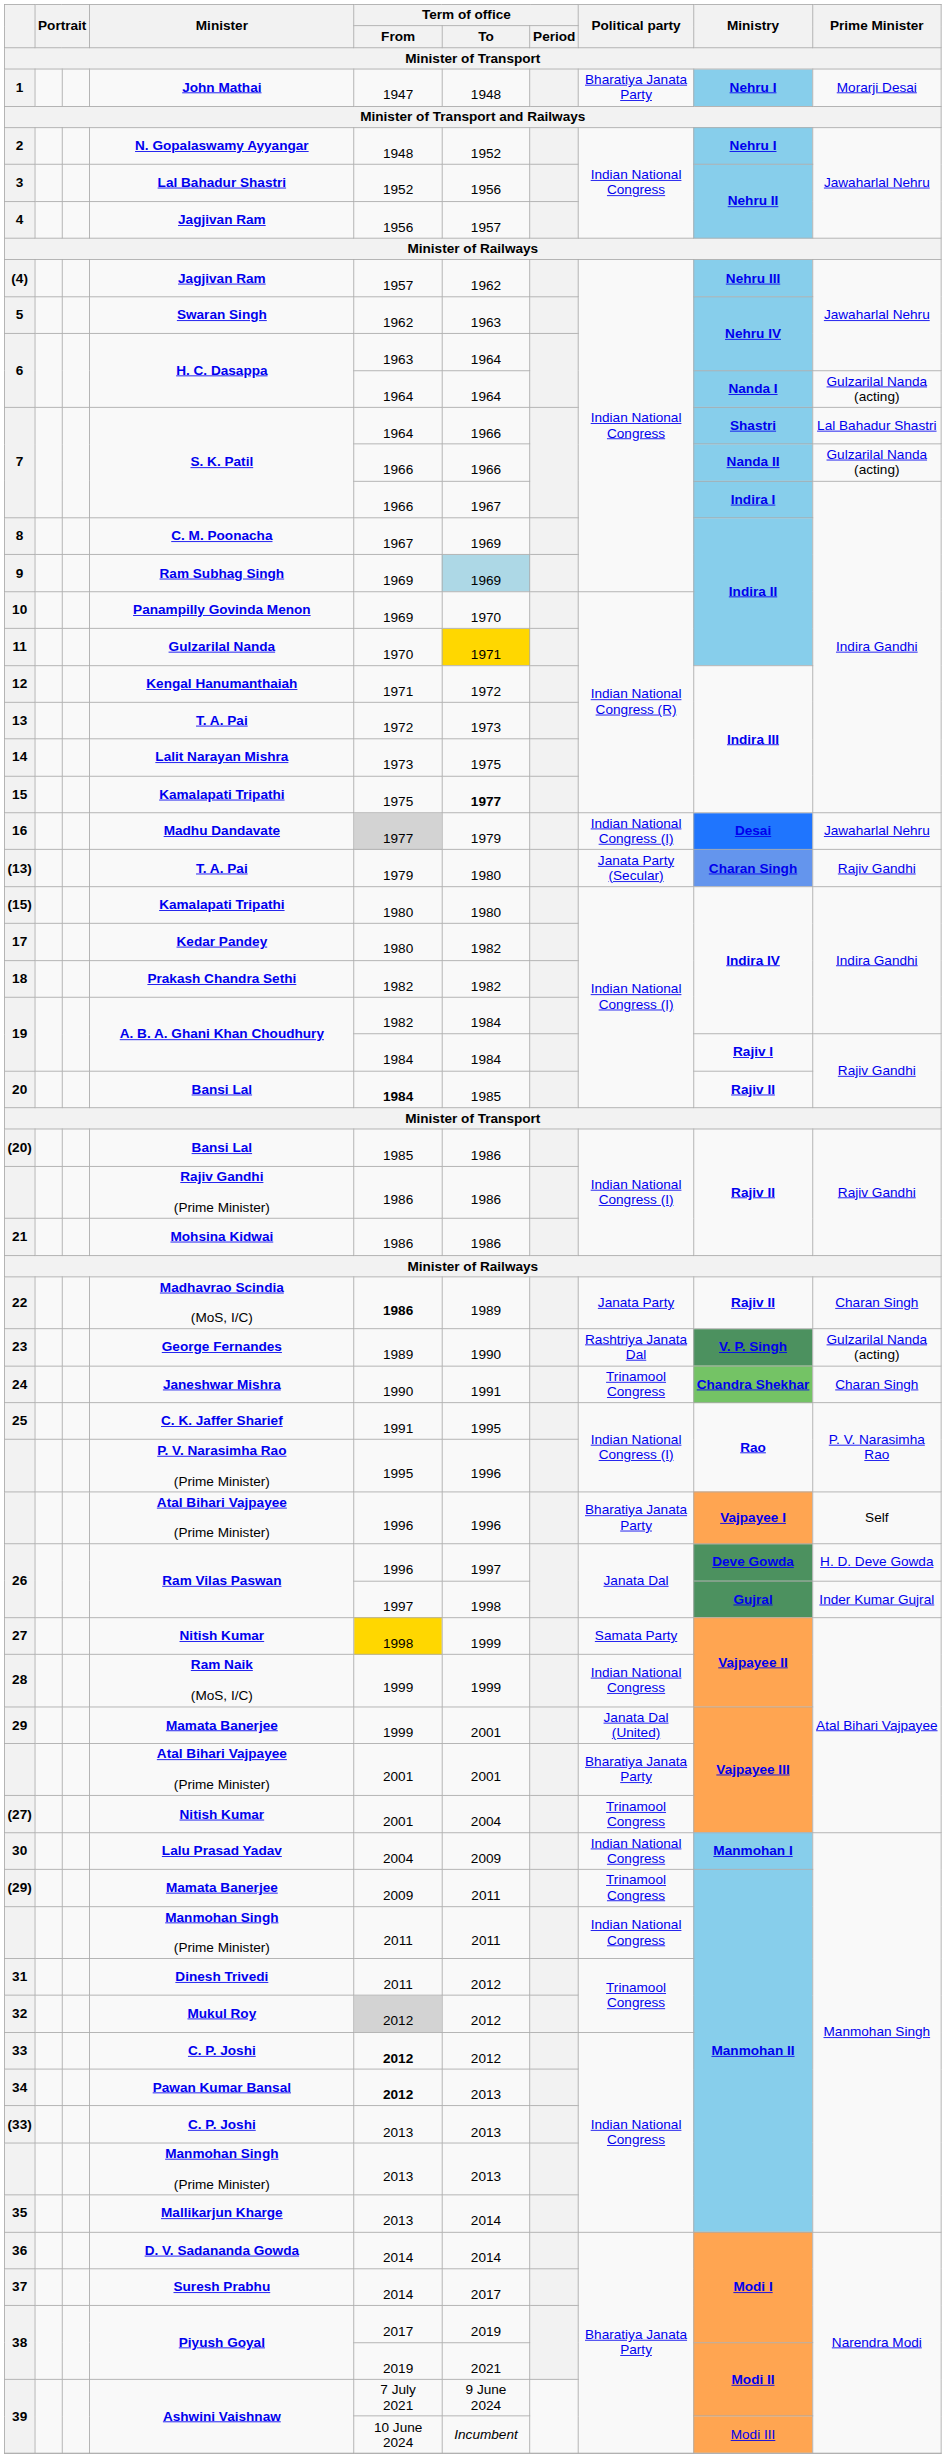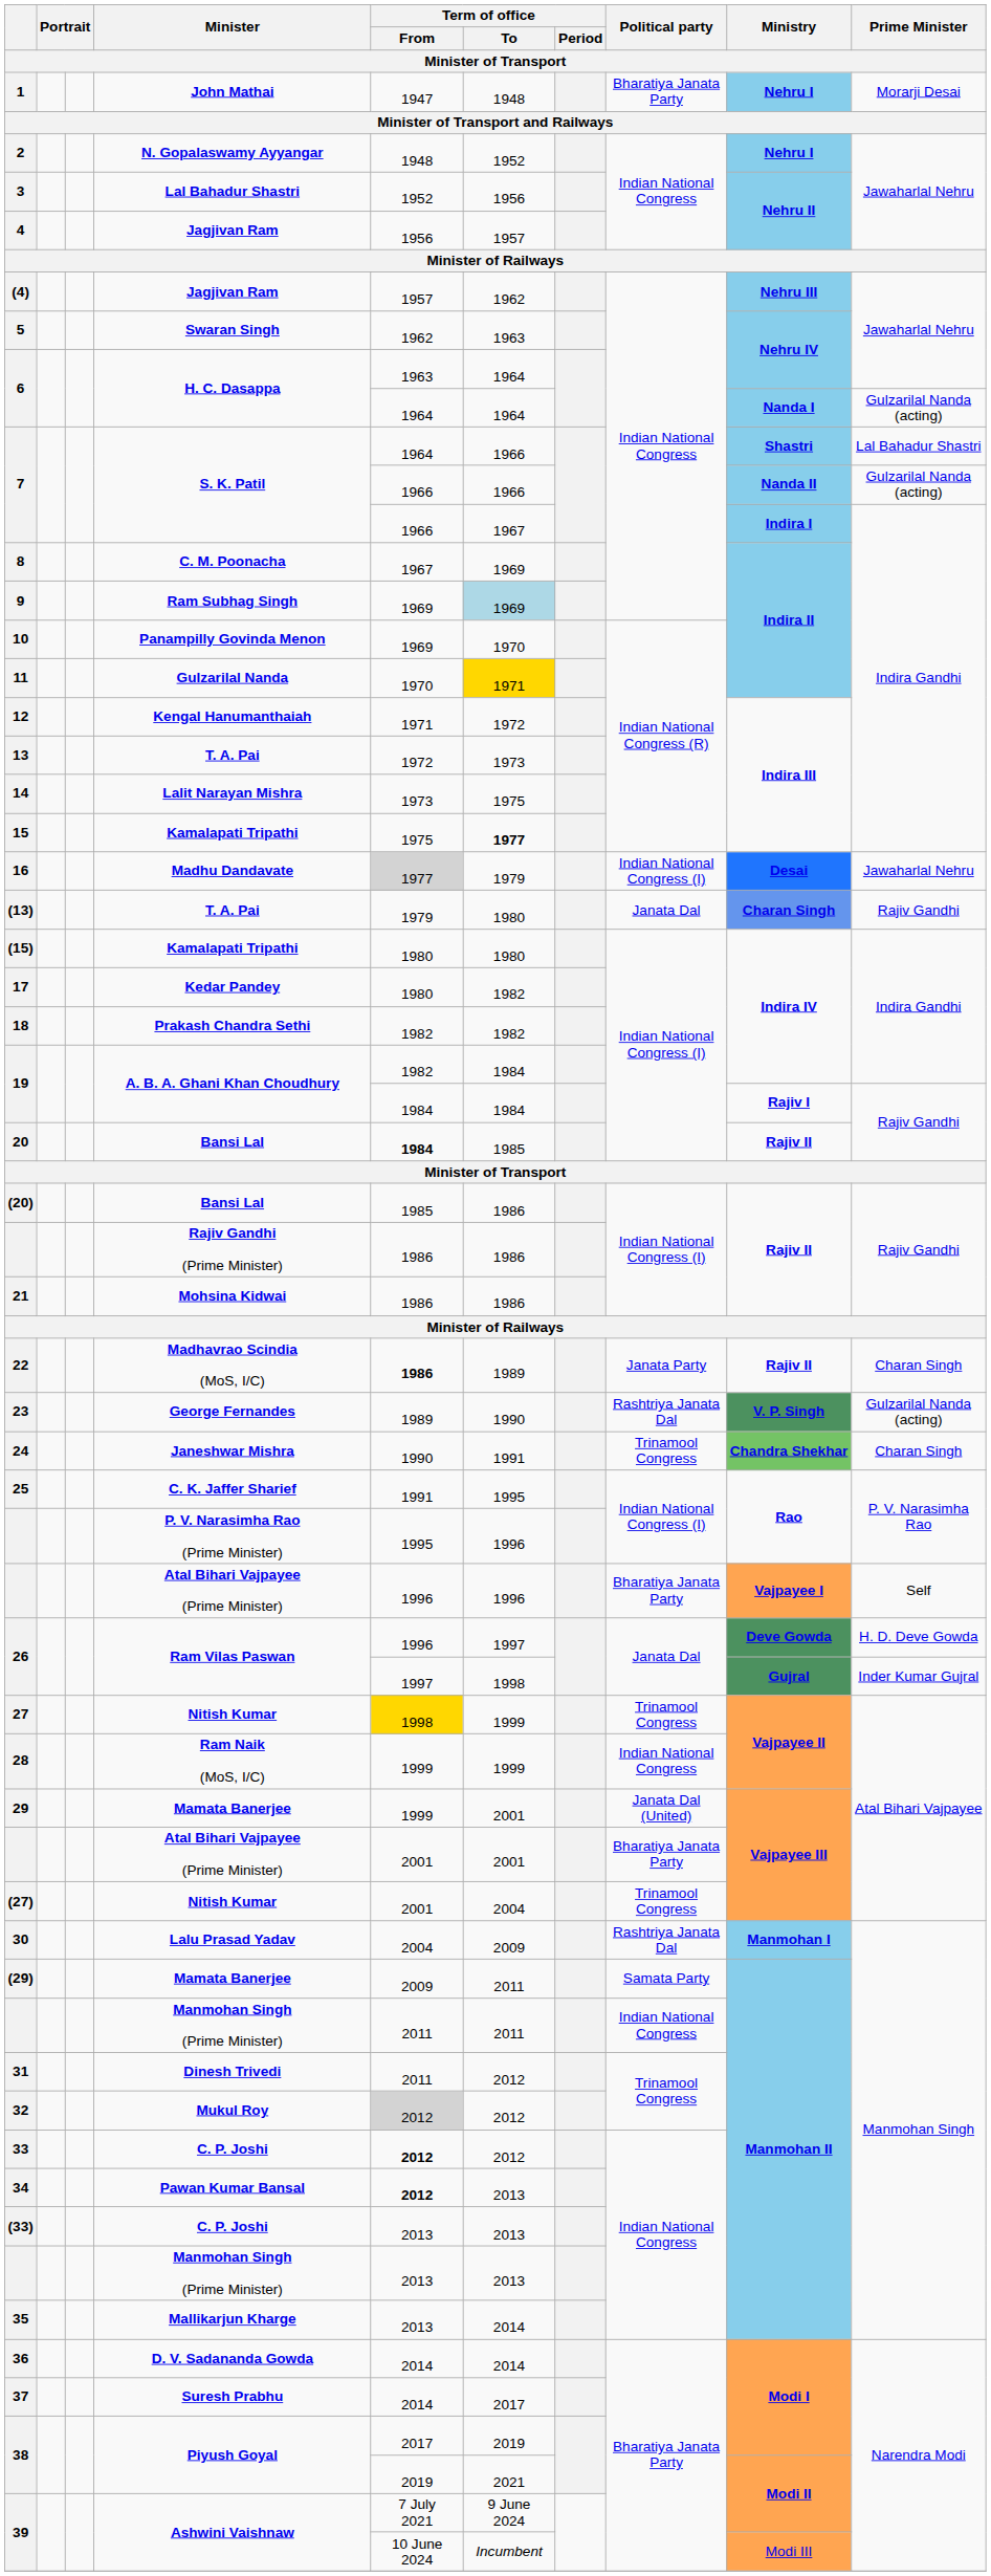 <table class="wikitable" style="text-align:center">
 <tr>
 <th rowspan="2"></th>
 <th rowspan="2" colspan="2">Portrait</th>
 <th rowspan="2" style="width:19em">Minister<br></th>
 <th colspan="3">Term of office</th>
 <th rowspan="2" style="width:8em">Political party</th>
 <th rowspan="2">Ministry</th>
 <th rowspan="2" style="width:9em">Prime Minister</th>
 </tr>
 <tr>
 <th style="width:6em">From</th>
 <th style="width:6em">To</th>
 <th>Period</th>
 </tr>
 <tr>
 <th colspan="10">Minister of Transport</th>
 </tr>
 <tr>
 <th>1</th>
 <td></td>
 <td></td>
 <td><strong><a href='#'>John Mathai</a></strong><br></td>
 <td><br>1947</td>
 <td><br>1948</td>
 <th></th>
 <td><a href='#'>Bharatiya Janata Party</a></td>
 <td bgcolor="#87CEEB"><strong><a href='#'>Nehru I</a></strong></td>
 <td><a href='#'>Morarji Desai</a></td>
 </tr>
 <tr>
 <th colspan="10">Minister of Transport and Railways</th>
 </tr>
 <tr>
 <th>2</th>
 <td></td>
 <td></td>
 <td><strong><a href='#'>N. Gopalaswamy Ayyangar</a></strong><br></td>
 <td><br>1948</td>
 <td><br>1952</td>
 <th></th>
 <td rowspan="3"><a href='#'>Indian National Congress</a></td>
 <td bgcolor="#87CEEB"><strong><a href='#'>Nehru I</a></strong></td>
 <td rowspan="3"><a href='#'>Jawaharlal Nehru</a></td>
 </tr>
 <tr>
 <th>3</th>
 <td></td>
 <td></td>
 <td><strong><a href='#'>Lal Bahadur Shastri</a></strong><br></td>
 <td><br>1952</td>
 <td><br>1956</td>
 <th></th>
 <td rowspan="2" bgcolor="#87CEEB"><strong><a href='#'>Nehru II</a></strong></td>
 </tr>
 <tr>
 <th>4</th>
 <td></td>
 <td></td>
 <td><strong><a href='#'>Jagjivan Ram</a></strong><br></td>
 <td><br>1956</td>
 <td><br>1957</td>
 <th></th>
 </tr>
 <tr>
 <th colspan="10">Minister of Railways</th>
 </tr>
 <tr>
 <th>(4)</th>
 <td></td>
 <td></td>
 <td><strong><a href='#'>Jagjivan Ram</a></strong><br></td>
 <td><br>1957</td>
 <td><br>1962</td>
 <th></th>
 <td rowspan="9"><a href='#'>Indian National Congress</a></td>
 <td bgcolor="#87CEEB"><strong><a href='#'>Nehru III</a></strong></td>
 <td rowspan="3"><a href='#'>Jawaharlal Nehru</a></td>
 </tr>
 <tr>
 <th>5</th>
 <td></td>
 <td></td>
 <td><strong><a href='#'>Swaran Singh</a></strong><br></td>
 <td><br>1962</td>
 <td><br>1963</td>
 <th></th>
 <td rowspan="2" bgcolor="#87CEEB"><strong><a href='#'>Nehru IV</a></strong></td>
 </tr>
 <tr>
 <th rowspan="2">6</th>
 <td rowspan="2"></td>
 <td rowspan="2"></td>
 <td rowspan="2"><strong><a href='#'>H. C. Dasappa</a></strong><br></td>
 <td><br>1963</td>
 <td><br>1964</td>
 <th rowspan="2"></th>
 </tr>
 <tr>
 <td><br>1964</td>
 <td><br>1964</td>
 <td bgcolor="#87CEEB"><strong><a href='#'>Nanda I</a></strong></td>
 <td><a href='#'>Gulzarilal Nanda</a><br>(acting)</td>
 </tr>
 <tr>
 <th rowspan="3">7</th>
 <td rowspan="3"></td>
 <td rowspan="3"></td>
 <td rowspan="3"><strong><a href='#'>S. K. Patil</a></strong><br></td>
 <td><br>1964</td>
 <td><br>1966</td>
 <th rowspan="3"></th>
 <td bgcolor="#87CEEB"><strong><a href='#'>Shastri</a></strong></td>
 <td><a href='#'>Lal Bahadur Shastri</a></td>
 </tr>
 <tr>
 <td><br>1966</td>
 <td><br>1966</td>
 <td bgcolor="#87CEEB"><strong><a href='#'>Nanda II</a></strong></td>
 <td><a href='#'>Gulzarilal Nanda</a><br>(acting)</td>
 </tr>
 <tr>
 <td><br>1966</td>
 <td><br>1967</td>
 <td bgcolor="#87CEEB"><strong><a href='#'>Indira I</a></strong></td>
 <td rowspan="9"><a href='#'>Indira Gandhi</a></td>
 </tr>
 <tr>
 <th>8</th>
 <td></td>
 <td></td>
 <td><strong><a href='#'>C. M. Poonacha</a></strong><br></td>
 <td><br>1967</td>
 <td><br>1969</td>
 <th></th>
 <td rowspan="4" bgcolor="#87CEEB"><strong><a href='#'>Indira II</a></strong></td>
 </tr>
 <tr>
 <th>9</th>
 <td></td>
 <td></td>
 <td><strong><a href='#'>Ram Subhag Singh</a></strong><br></td>
 <td><br>1969</td>
 <td style="background: lightblue;"><br>1969</td>
 <th></th>
 </tr>
 <tr>
 <th>10</th>
 <td></td>
 <td></td>
 <td><strong><a href='#'>Panampilly Govinda Menon</a></strong><br></td>
 <td><br>1969</td>
 <td><br>1970</td>
 <th></th>
 <td rowspan="6"><a href='#'>Indian National Congress (R)</a></td>
 </tr>
 <tr>
 <th>11</th>
 <td></td>
 <td></td>
 <td><strong><a href='#'>Gulzarilal Nanda</a></strong><br></td>
 <td><br>1970</td>
 <td style="background: gold;"><br>1971</td>
 <th></th>
 </tr>
 <tr>
 <th>12</th>
 <td></td>
 <td></td>
 <td><strong><a href='#'>Kengal Hanumanthaiah</a></strong><br></td>
 <td><br>1971</td>
 <td><br>1972</td>
 <th></th>
 <td rowspan="4"><strong><a href='#'>Indira III</a></strong></td>
 </tr>
 <tr>
 <th>13</th>
 <td></td>
 <td></td>
 <td><strong><a href='#'>T. A. Pai</a></strong><br></td>
 <td><br>1972</td>
 <td><br>1973</td>
 <th></th>
 </tr>
 <tr>
 <th>14</th>
 <td></td>
 <td></td>
 <td><strong><a href='#'>Lalit Narayan Mishra</a></strong><br></td>
 <td><br>1973</td>
 <td><br>1975</td>
 <th></th>
 </tr>
 <tr>
 <th>15</th>
 <td></td>
 <td></td>
 <td><strong><a href='#'>Kamalapati Tripathi</a></strong><br></td>
 <td><br>1975</td>
 <td><strong><br>1977</strong></td>
 <th></th>
 </tr>
 <tr>
 <th>16</th>
 <td style="background:"></td>
 <td></td>
 <td><strong><a href='#'>Madhu Dandavate</a></strong><br></td>
 <td style="background: lightgrey;"><br>1977</td>
 <td><br>1979</td>
 <th></th>
 <td><a href='#'>Indian National Congress (I)</a></td>
 <td bgcolor="#1F75FE"><strong><a href='#'>Desai</a></strong></td>
 <td><a href='#'>Jawaharlal Nehru</a></td>
 </tr>
 <tr>
 <th>(13)</th>
 <td style="background:"></td>
 <td></td>
 <td><strong><a href='#'>T. A. Pai</a></strong><br></td>
 <td><br>1979</td>
 <td><br>1980</td>
 <th></th>
-<td><a href='#'>Janata Party (Secular)</a></td>
+<td><a href='#'>Janata Dal</a></td>
 <td bgcolor="#6495ED"><strong><a href='#'>Charan Singh</a></strong></td>
 <td><a href='#'>Rajiv Gandhi</a></td>
 </tr>
 <tr>
 <th>(15)</th>
 <td></td>
 <td></td>
 <td><strong><a href='#'>Kamalapati Tripathi</a></strong><br></td>
 <td><br>1980</td>
 <td><br>1980</td>
 <th></th>
 <td rowspan="6"><a href='#'>Indian National Congress (I)</a></td>
 <td rowspan="4"><strong><a href='#'>Indira IV</a></strong></td>
 <td rowspan="4"><a href='#'>Indira Gandhi</a></td>
 </tr>
 <tr>
 <th>17</th>
 <td></td>
 <td></td>
 <td><strong><a href='#'>Kedar Pandey</a></strong><br></td>
 <td><br>1980</td>
 <td><br>1982</td>
 <th></th>
 </tr>
 <tr>
 <th>18</th>
 <td></td>
 <td></td>
 <td><strong><a href='#'>Prakash Chandra Sethi</a></strong><br></td>
 <td><br>1982</td>
 <td><br>1982</td>
 <th></th>
 </tr>
 <tr>
 <th rowspan="2">19</th>
 <td rowspan="2"></td>
 <td rowspan="2"></td>
 <td rowspan="2"><strong><a href='#'>A. B. A. Ghani Khan Choudhury</a></strong><br></td>
 <td><br>1982</td>
 <td><br>1984</td>
 <th></th>
 </tr>
 <tr>
 <td><br>1984</td>
 <td><br>1984</td>
 <th></th>
 <td><strong><a href='#'>Rajiv I</a></strong></td>
 <td rowspan="2"><a href='#'>Rajiv Gandhi</a></td>
 </tr>
 <tr>
 <th>20</th>
 <td></td>
 <td></td>
 <td><strong><a href='#'>Bansi Lal</a></strong><br></td>
 <td><strong><br>1984</strong></td>
 <td><br>1985</td>
 <th></th>
 <td><strong><a href='#'>Rajiv II</a></strong></td>
 </tr>
 <tr>
 <th colspan="10">Minister of Transport</th>
 </tr>
 <tr>
 <th>(20)</th>
 <td></td>
 <td></td>
 <td><strong><a href='#'>Bansi Lal</a></strong><br></td>
 <td><br>1985</td>
 <td><br>1986</td>
 <th></th>
 <td rowspan="3"><a href='#'>Indian National Congress (I)</a></td>
 <td rowspan="3"><strong><a href='#'>Rajiv II</a></strong></td>
 <td rowspan="3"><a href='#'>Rajiv Gandhi</a></td>
 </tr>
 <tr>
 <th></th>
 <td></td>
 <td></td>
 <td><strong><a href='#'>Rajiv Gandhi</a></strong><br><br>(Prime Minister)</td>
 <td><br>1986</td>
 <td><br>1986</td>
 <th></th>
 </tr>
 <tr>
 <th>21</th>
 <td></td>
 <td></td>
 <td><strong><a href='#'>Mohsina Kidwai</a></strong><br></td>
 <td><br>1986</td>
 <td><br>1986</td>
 <th></th>
 </tr>
 <tr>
 <th colspan="10">Minister of Railways</th>
 </tr>
 <tr>
 <th>22</th>
 <td></td>
 <td></td>
 <td><strong><a href='#'>Madhavrao Scindia</a></strong><br><br>(MoS, I/C)</td>
 <td><strong><br>1986</strong></td>
 <td><br>1989</td>
 <th></th>
 <td><a href='#'>Janata Party</a></td>
 <td><strong><a href='#'>Rajiv II</a></strong></td>
 <td><a href='#'>Charan Singh</a></td>
 </tr>
 <tr>
 <th>23</th>
 <td style="background:"></td>
 <td></td>
 <td><strong><a href='#'>George Fernandes</a></strong><br></td>
 <td><br>1989</td>
 <td><br>1990</td>
 <th></th>
 <td><a href='#'>Rashtriya Janata Dal</a></td>
 <td style="background:#4C915F"><strong><a href='#'>V. P. Singh</a></strong></td>
 <td><a href='#'>Gulzarilal Nanda</a><br>(acting)</td>
 </tr>
 <tr>
 <th>24</th>
 <td></td>
 <td></td>
 <td><strong><a href='#'>Janeshwar Mishra</a></strong><br></td>
 <td><br>1990</td>
 <td><br>1991</td>
 <th></th>
 <td><a href='#'>Trinamool Congress</a></td>
 <td style="background:#74C365"><strong><a href='#'>Chandra Shekhar</a></strong></td>
 <td><a href='#'>Charan Singh</a></td>
 </tr>
 <tr>
 <th>25</th>
 <td></td>
 <td></td>
 <td><strong><a href='#'>C. K. Jaffer Sharief</a></strong><br></td>
 <td><br>1991</td>
 <td><br>1995</td>
 <th></th>
 <td rowspan="2"><a href='#'>Indian National Congress (I)</a></td>
 <td rowspan="2"><a href='#'><strong>Rao</strong></a></td>
 <td rowspan="2"><a href='#'>P. V. Narasimha Rao</a></td>
 </tr>
 <tr>
 <th></th>
 <td></td>
 <td></td>
 <td><strong><a href='#'>P. V. Narasimha Rao</a></strong><br><br>(Prime Minister)</td>
 <td><br>1995</td>
 <td><br>1996</td>
 <th></th>
 </tr>
 <tr>
 <th></th>
 <td></td>
 <td></td>
 <td><strong><a href='#'>Atal Bihari Vajpayee</a></strong><br><br>(Prime Minister)</td>
 <td><br>1996</td>
 <td><br>1996</td>
 <th></th>
 <td><a href='#'>Bharatiya Janata Party</a></td>
 <td style="background:#FFA551;"><strong><a href='#'>Vajpayee I</a></strong></td>
 <td>Self</td>
 </tr>
 <tr>
 <th rowspan="2">26</th>
 <td rowspan="2"></td>
 <td rowspan="2"></td>
 <td rowspan="2"><strong><a href='#'>Ram Vilas Paswan</a></strong><br></td>
 <td><br>1996</td>
 <td><br>1997</td>
 <th rowspan="2"></th>
 <td rowspan="2"><a href='#'>Janata Dal</a></td>
 <td style="background:#4C915F"><strong><a href='#'>Deve Gowda</a></strong></td>
 <td><a href='#'>H. D. Deve Gowda</a></td>
 </tr>
 <tr>
 <td><br>1997</td>
 <td><br>1998</td>
 <td style="background:#4C915F"><strong><a href='#'>Gujral</a></strong></td>
 <td><a href='#'>Inder Kumar Gujral</a></td>
 </tr>
 <tr>
 <th>27</th>
 <td></td>
 <td></td>
 <td><strong><a href='#'>Nitish Kumar</a></strong><br></td>
 <td style="background: gold;"><br>1998</td>
 <td><br>1999</td>
 <th></th>
-<td><a href='#'>Samata Party</a></td>
+<td><a href='#'>Trinamool Congress</a></td>
 <td rowspan="2" style="background:#FFA551;"><strong><a href='#'>Vajpayee II</a></strong></td>
 <td rowspan="5"><a href='#'>Atal Bihari Vajpayee</a></td>
 </tr>
 <tr>
 <th>28</th>
 <td></td>
 <td></td>
 <td><strong><a href='#'>Ram Naik</a></strong><br><br>(MoS, I/C)</td>
 <td><br>1999</td>
 <td><br>1999</td>
 <th></th>
 <td><a href='#'>Indian National Congress</a></td>
 </tr>
 <tr>
 <th>29</th>
 <td></td>
 <td></td>
 <td><strong><a href='#'>Mamata Banerjee</a></strong><br></td>
 <td><br>1999</td>
 <td><br>2001</td>
 <th></th>
 <td><a href='#'>Janata Dal (United)</a></td>
 <td rowspan="3" style="background:#FFA551;"><strong><a href='#'>Vajpayee III</a></strong></td>
 </tr>
 <tr>
 <th></th>
 <td></td>
 <td></td>
 <td><strong><a href='#'>Atal Bihari Vajpayee</a></strong><br><br>(Prime Minister)</td>
 <td><br>2001</td>
 <td><br>2001</td>
 <th></th>
 <td><a href='#'>Bharatiya Janata Party</a></td>
 </tr>
 <tr>
 <th>(27)</th>
 <td style="background:"></td>
 <td></td>
 <td><strong><a href='#'>Nitish Kumar</a></strong><br></td>
 <td><br>2001</td>
 <td><br>2004</td>
 <th></th>
 <td><a href='#'>Trinamool Congress</a></td>
 </tr>
 <tr>
 <th>30</th>
 <td style="background:"></td>
 <td></td>
 <td><strong><a href='#'>Lalu Prasad Yadav</a></strong><br></td>
 <td><br>2004</td>
 <td><br>2009</td>
 <th></th>
-<td><a href='#'>Indian National Congress</a></td>
+<td><a href='#'>Rashtriya Janata Dal</a></td>
 <td bgcolor="#87CEEB"><a href='#'><strong>Manmohan I</strong></a></td>
 <td rowspan="10"><a href='#'>Manmohan Singh</a></td>
 </tr>
 <tr>
 <th>(29)</th>
 <td></td>
 <td></td>
 <td><strong><a href='#'>Mamata Banerjee</a></strong><br></td>
 <td><br>2009</td>
 <td><br>2011</td>
 <th></th>
-<td><a href='#'>Trinamool Congress</a></td>
+<td><a href='#'>Samata Party</a></td>
 <td rowspan="9" bgcolor="#87CEEB"><a href='#'><strong>Manmohan II</strong></a></td>
 </tr>
 <tr>
 <th></th>
 <td></td>
 <td></td>
 <td><strong><a href='#'>Manmohan Singh</a></strong><br><br>(Prime Minister)</td>
 <td><br>2011</td>
 <td><br>2011</td>
 <th></th>
 <td><a href='#'>Indian National Congress</a></td>
 </tr>
 <tr>
 <th>31</th>
 <td></td>
 <td></td>
 <td><strong><a href='#'>Dinesh Trivedi</a></strong><br></td>
 <td><br>2011</td>
 <td><br>2012</td>
 <th></th>
 <td rowspan="2"><a href='#'>Trinamool Congress</a></td>
 </tr>
 <tr>
 <th>32</th>
 <td></td>
 <td></td>
 <td><strong><a href='#'>Mukul Roy</a></strong><br></td>
 <td style="background: lightgrey;"><br>2012</td>
 <td><br>2012</td>
 <th></th>
 </tr>
 <tr>
 <th>33</th>
 <td></td>
 <td></td>
 <td><strong><a href='#'>C. P. Joshi</a></strong><br></td>
 <td><strong><br>2012</strong></td>
 <td><br>2012</td>
 <th></th>
 <td rowspan="5"><a href='#'>Indian National Congress</a></td>
 </tr>
 <tr>
 <th>34</th>
 <td></td>
 <td></td>
 <td><strong><a href='#'>Pawan Kumar Bansal</a></strong><br></td>
 <td><strong><br>2012</strong></td>
 <td><br>2013</td>
 <th></th>
 </tr>
 <tr>
 <th>(33)</th>
 <td></td>
 <td></td>
 <td><strong><a href='#'>C. P. Joshi</a></strong><br></td>
 <td><br>2013</td>
 <td><br>2013</td>
 <th></th>
 </tr>
 <tr>
 <th></th>
 <td></td>
 <td></td>
 <td><strong><a href='#'>Manmohan Singh</a></strong><br><br>(Prime Minister)</td>
 <td><br>2013</td>
 <td><br>2013</td>
 <th></th>
 </tr>
 <tr>
 <th>35</th>
 <td></td>
 <td></td>
 <td><strong><a href='#'>Mallikarjun Kharge</a></strong><br></td>
 <td><br>2013</td>
 <td><br>2014</td>
 <th></th>
 </tr>
 <tr>
 <th>36</th>
 <td></td>
 <td></td>
 <td><strong><a href='#'>D. V. Sadananda Gowda</a></strong><br></td>
 <td><br>2014</td>
 <td><br>2014</td>
 <th></th>
 <td rowspan="6"><a href='#'>Bharatiya Janata Party</a></td>
 <td rowspan="3" style="background:#FFA551;"><strong><a href='#'>Modi I</a></strong></td>
 <td rowspan="6"><a href='#'>Narendra Modi</a></td>
 </tr>
 <tr>
 <th>37</th>
 <td></td>
 <td></td>
 <td><strong><a href='#'>Suresh Prabhu</a></strong><br></td>
 <td><br>2014</td>
 <td><br>2017</td>
 <th></th>
 </tr>
 <tr>
 <th rowspan="2">38</th>
 <td rowspan="2"></td>
 <td rowspan="2"></td>
 <td rowspan="2"><strong><a href='#'>Piyush Goyal</a></strong><br></td>
 <td><br>2017</td>
 <td><br>2019</td>
 <th rowspan="2"></th>
 </tr>
 <tr>
 <td><br>2019</td>
 <td><br>2021</td>
 <td rowspan="2" style="background:#FFA551;"><strong><a href='#'>Modi II</a></strong></td>
 </tr>
 <tr>
 <th rowspan =2>39</th>
 <td rowspan="2"></td>
 <td rowspan=2></td>
 <td rowspan=2><strong><a href='#'>Ashwini Vaishnaw</a></strong><br></td>
 <td>7 July<br>2021</td>
 <td>9 June<br>2024</td>
 <td rowspan=2><strong></strong></td>
 </tr>
 <tr>
 <td>10 June<br>2024</td>
 <td><em>Incumbent</em></td>
 <td style="background:#FFA551;"><a href='#'>Modi III</a></td>
 </tr>
 <tr>
 </tr>
 </table>
